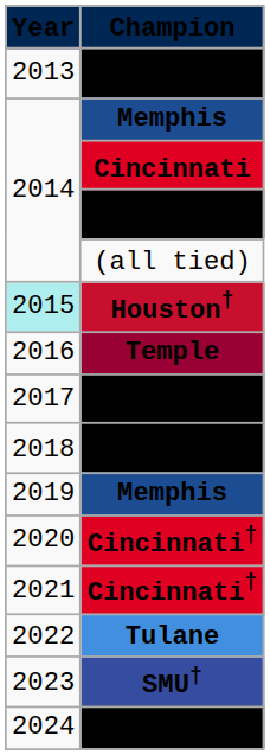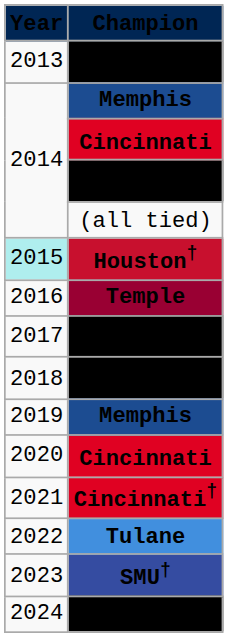 <table class="wikitable" style="text-align: center;">
 <tr>
 <th style="background:#002654;"><span>Year</span></th>
 <th style="background:#002654;"><span>Champion</span></th>
 </tr>
 <tr>
 <td>2013</td>
 <td style="background:#000000;"><span><strong>UCF<sup>†</sup></strong></span></td>
 </tr>
 <tr>
 <td rowspan="4">2014</td>
 <td style="background:#1c4c91;"><span><strong>Memphis</strong></span></td>
 </tr>
 <tr>
 <td style="background:#e00122;"><span><strong>Cincinnati<sup></sup></strong></span></td>
 </tr>
 <tr>
 <td style="background:#000000;"><span><strong>UCF<sup>†</sup></strong></span></td>
 </tr>
 <tr>
 <td>(all tied)</td>
 </tr>
 <tr>
 <td style="background: paleturquoise;">2015</td>
 <td style="background:#c8102e;"><span><strong>Houston<sup>†</sup></strong></span></td>
 </tr>
 <tr>
 <td>2016</td>
 <td style="background:#990033;"><span><strong>Temple</strong></span></td>
 </tr>
 <tr>
 <td>2017</td>
 <td style="background:#000000;"><span><strong>UCF<sup>†</sup></strong></span></td>
 </tr>
 <tr>
 <td>2018</td>
 <td style="background:#000000;"><span><strong>UCF<sup>†</sup></strong></span></td>
 </tr>
 <tr>
 <td>2019</td>
 <td style="background:#1c4c91;"><span><strong>Memphis</strong></span></td>
 </tr>
 <tr>
 <td>2020</td>
-<td style="background:#e00122;"><span><strong>Cincinnati<sup>†</sup></strong></span></td>
+<td style="background:#e00122;"><span><strong>Cincinnati<sup></sup></strong></span></td>
 </tr>
 <tr>
 <td>2021</td>
 <td style="background:#e00122;"><span><strong>Cincinnati<sup>†</sup></strong></span></td>
 </tr>
 <tr>
 <td>2022</td>
 <td style="background:#418fde;"><span><strong>Tulane</strong></span></td>
 </tr>
 <tr>
 <td>2023</td>
 <td style="background:#354ca1;"><span><strong>SMU<sup>†</sup></strong></span></td>
 </tr>
 <tr>
 <td>2024</td>
 <td style="background:#000;"><span><strong>Army</strong></span></td>
 </tr>
 </table>
